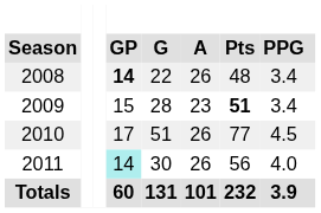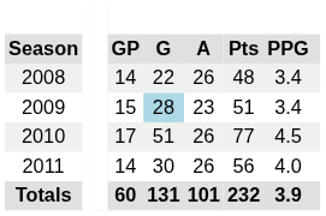 <table BORDER="0" CELLPADDING="3" CELLSPACING="0">
 <tr ALIGN="center" bgcolor="#e0e0e0">
 <th colspan="1" bgcolor="#ffffff"> </th>
 <th rowspan="99" bgcolor="#ffffff"> </th>
 <th rowspan="99" bgcolor="#ffffff"> </th>
 </tr>
 <tr ALIGN="center" bgcolor="#e0e0e0">
 <th>Season</th>
 <th>GP</th>
 <th>G</th>
 <th>A</th>
 <th>Pts</th>
 <th>PPG</th>
 <th></th>
 </tr>
 <tr ALIGN="center" bgcolor="#f0f0f0">
 <td>2008</td>
-<td><strong>14</strong></td>
+<td>14</td>
 <td>22</td>
 <td>26</td>
 <td>48</td>
 <td>3.4</td>
 <td></td>
 </tr>
 <tr ALIGN="center">
 <td>2009</td>
 <td>15</td>
-<td>28</td>
+<td style="background: lightblue;">28</td>
 <td>23</td>
-<td><strong>51</strong></td>
+<td>51</td>
 <td>3.4</td>
 <td></td>
 </tr>
 <tr ALIGN="center" bgcolor="#f0f0f0">
 <td>2010</td>
 <td>17</td>
 <td>51</td>
 <td>26</td>
 <td>77</td>
 <td>4.5</td>
 <td></td>
 </tr>
 <tr ALIGN="center">
 <td>2011</td>
-<td style="background: paleturquoise;">14</td>
+<td>14</td>
 <td>30</td>
 <td>26</td>
 <td>56</td>
 <td>4.0</td>
 <td></td>
 </tr>
 <tr ALIGN="center" bgcolor="#e0e0e0">
 <th colspan="1.5">Totals</th>
 <th>60</th>
 <th>131</th>
 <th>101</th>
 <th>232</th>
 <th>3.9</th>
 <th></th>
 </tr>
 </table>
